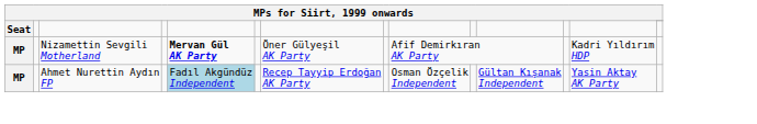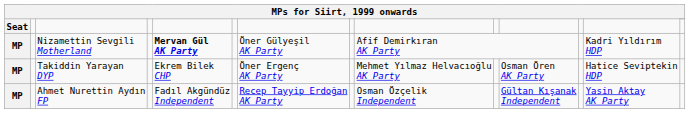 <table class="wikitable">
 <tr>
 <th colspan = 14>MPs for Siirt, 1999 onwards</th>
 </tr>
 <tr>
 <th rowspan = 2>Seat</th>
 <td rowspan="2" style="width:1px;"></td>
 <td rowspan = 2></td>
 <td rowspan="2" style="width:1px;"></td>
 <td rowspan = 2></td>
 <td rowspan="2" style="width:1px;"></td>
 <td rowspan = 2></td>
 <td rowspan="2" style="width:1px;"></td>
 <td rowspan = 2></td>
 <td rowspan="2" style="width:1px;"></td>
 <td rowspan = 2></td>
 <td rowspan="2" style="width:1px;"></td>
 <td rowspan = 2></td>
 </tr>
 <tr>
 <td></td>
 </tr>
 <tr>
 <th>MP</th>
 <td width=1px style="background-color: "></td>
 <td colspan = 1>Nizamettin Sevgili<br><em><a href='#'>Motherland</a></em></td>
 <td width=1px style="background-color: "></td>
 <td colspan = 1><strong>Mervan Gül<br><em><a href='#'>AK Party</a></em></strong></td>
 <td width=1px style="background-color: "></td>
 <td colspan = 1>Öner Gülyeşil<br><em><a href='#'>AK Party</a></em></td>
 <td width=1px style="background-color: "></td>
 <td colspan = 3>Afif Demirkıran<br><em><a href='#'>AK Party</a></em></td>
 <td width=1px style="background-color: "></td>
 <td colspan = 1>Kadri Yıldırım<br><em><a href='#'>HDP</a></em></td>
 <td width=1px style="background-color: "></td>
 </tr>
 <tr>
 <th>MP</th>
 <td width=1px style="background-color: "></td>
+<td colspan = 1>Takiddin Yarayan<br><em><a href='#'>DYP</a></em></td>
+<td width=1px style="background-color: "></td>
+<td colspan = 1>Ekrem Bilek<br><em><a href='#'>CHP</a></em></td>
+<td width=1px style="background-color: "></td>
+<td colspan = 1>Öner Ergenç<br><em><a href='#'>AK Party</a></em></td>
+<td width=1px style="background-color: "></td>
+<td colspan = 1>Mehmet Yılmaz Helvacıoğlu<br><em><a href='#'>AK Party</a></em></td>
+<td width=1px style="background-color: "></td>
+<td colspan = 1>Osman Ören<br><em><a href='#'>AK Party</a></em></td>
+<td width=1px style="background-color: "></td>
+<td colspan = 1>Hatice Seviptekin<br><em><a href='#'>HDP</a></em></td>
+<td width=1px style="background-color: "></td>
+</tr>
+<tr>
+<th>MP</th>
+<td width=1px style="background-color: "></td>
 <td colspan = 1>Ahmet Nurettin Aydın<br><em><a href='#'>FP</a></em></td>
 <td width=1px style="background-color: "></td>
-<td colspan = 1 style="background: lightblue;">Fadıl Akgündüz<br><em><a href='#'>Independent</a></em></td>
+<td colspan = 1>Fadıl Akgündüz<br><em><a href='#'>Independent</a></em></td>
 <td width=1px style="background-color: "></td>
 <td colspan = 1><a href='#'>Recep Tayyip Erdoğan</a><br><em><a href='#'>AK Party</a></em></td>
 <td width=1px style="background-color: "></td>
 <td colspan = 1>Osman Özçelik<br><em><a href='#'>Independent</a></em></td>
 <td width=1px style="background-color: "></td>
 <td colspan = 1><a href='#'>Gültan Kışanak</a><br><em><a href='#'>Independent</a></em></td>
 <td width=1px style="background-color: "></td>
 <td colspan = 1><a href='#'>Yasin Aktay</a><br><em><a href='#'>AK Party</a></em></td>
 <td width=1px style="background-color: "></td>
 </tr>
 </table>
